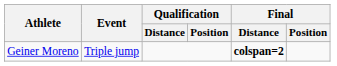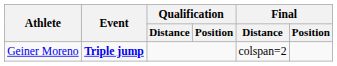 <table class=wikitable style=font-size:90%>
 <tr>
 <th rowspan=2>Athlete</th>
 <th rowspan=2>Event</th>
 <th colspan=2>Qualification</th>
 <th colspan=2>Final</th>
 </tr>
 <tr style=font-size:95%>
 <th>Distance</th>
 <th>Position</th>
 <th>Distance</th>
 <th>Position</th>
 </tr>
 <tr align=center>
 <td align=left><a href='#'>Geiner Moreno</a></td>
-<td align=left><a href='#'>Triple jump</a></td>
+<td align=left><strong><a href='#'>Triple jump</a></strong></td>
 <td colspan=2><strong></strong></td>
-<td><strong>colspan=2 </strong></td>
+<td>colspan=2 </td>
 </tr>
 </table>
